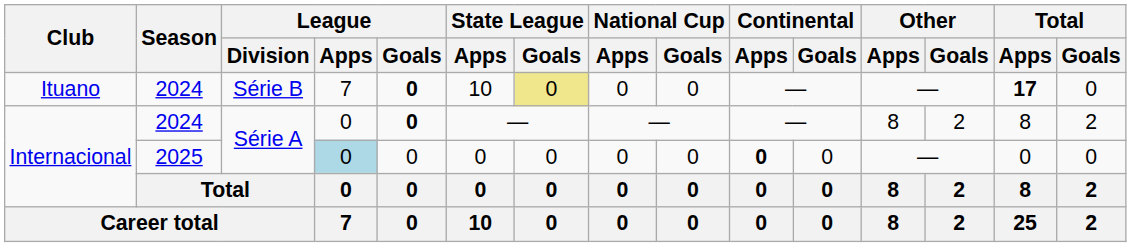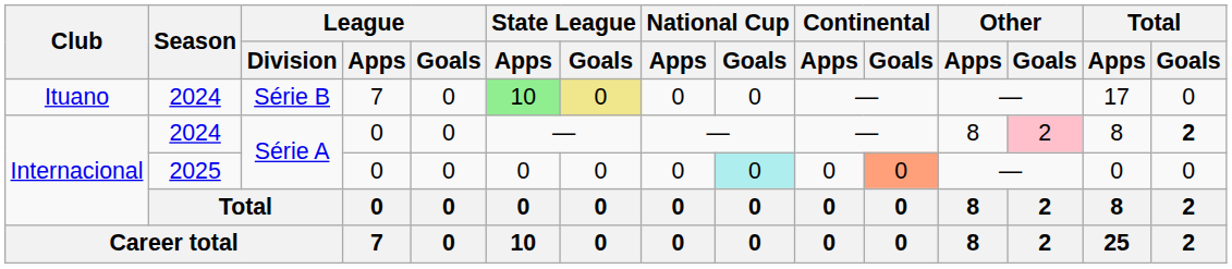 <table class="wikitable" style="text-align:center">
 <tr>
 <th rowspan="2">Club</th>
 <th rowspan="2">Season</th>
 <th colspan="3">League</th>
 <th colspan="2">State League</th>
 <th colspan="2">National Cup</th>
 <th colspan="2">Continental</th>
 <th colspan="2">Other</th>
 <th colspan="2">Total</th>
 </tr>
 <tr>
 <th>Division</th>
 <th>Apps</th>
 <th>Goals</th>
 <th>Apps</th>
 <th>Goals</th>
 <th>Apps</th>
 <th>Goals</th>
 <th>Apps</th>
 <th>Goals</th>
 <th>Apps</th>
 <th>Goals</th>
 <th>Apps</th>
 <th>Goals</th>
 </tr>
 <tr>
 <td><a href='#'>Ituano</a></td>
 <td><a href='#'>2024</a></td>
 <td><a href='#'>Série B</a></td>
 <td>7</td>
-<td><strong>0</strong></td>
-<td>10</td>
+<td>0</td>
+<td style="background: lightgreen;">10</td>
 <td style="background: khaki;">0</td>
 <td>0</td>
 <td>0</td>
 <td colspan="2">—</td>
 <td colspan="2">—</td>
-<td><strong>17</strong></td>
+<td>17</td>
 <td>0</td>
 </tr>
 <tr>
 <td rowspan="3"><a href='#'>Internacional</a></td>
 <td><a href='#'>2024</a></td>
 <td rowspan="2"><a href='#'>Série A</a></td>
 <td>0</td>
-<td><strong>0</strong></td>
+<td>0</td>
 <td colspan="2">—</td>
 <td colspan="2">—</td>
 <td colspan="2">—</td>
 <td>8</td>
-<td>2</td>
+<td style="background: pink;">2</td>
 <td>8</td>
-<td>2</td>
+<td><strong>2</strong></td>
 </tr>
 <tr>
 <td><a href='#'>2025</a></td>
-<td style="background: lightblue;">0</td>
 <td>0</td>
 <td>0</td>
 <td>0</td>
 <td>0</td>
 <td>0</td>
-<td><strong>0</strong></td>
+<td style="background: paleturquoise;">0</td>
 <td>0</td>
+<td style="background: lightsalmon;">0</td>
 <td colspan="2">—</td>
 <td>0</td>
 <td>0</td>
 </tr>
 <tr>
 <th colspan="2">Total</th>
 <th>0</th>
 <th>0</th>
 <th>0</th>
 <th>0</th>
 <th>0</th>
 <th>0</th>
 <th>0</th>
 <th>0</th>
 <th>8</th>
 <th>2</th>
 <th>8</th>
 <th>2</th>
 </tr>
 <tr>
 <th colspan="3">Career total</th>
 <th>7</th>
 <th>0</th>
 <th>10</th>
 <th>0</th>
 <th>0</th>
 <th>0</th>
 <th>0</th>
 <th>0</th>
 <th>8</th>
 <th>2</th>
 <th>25</th>
 <th>2</th>
 </tr>
 </table>
